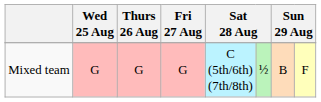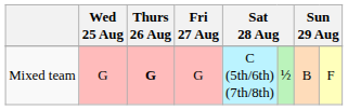 <table class="wikitable" style="margin:0.5em auto; font-size:90%; line-height:1.25em;">
 <tr align="center">
 <th></th>
 <th>Wed<br>25 Aug</th>
 <th>Thurs<br>26 Aug</th>
 <th>Fri<br>27 Aug</th>
 <th colspan=2>Sat<br>28 Aug</th>
 <th colspan=2>Sun<br>29 Aug</th>
 </tr>
 <tr>
 </tr>
 <tr align="center">
 <td align="left">Mixed team</td>
 <td bgcolor="#FFBBBB">G</td>
-<td bgcolor="#FFBBBB">G</td>
+<td bgcolor="#FFBBBB"><strong>G</strong></td>
 <td bgcolor="#FFBBBB">G</td>
 <td bgcolor="#BBF3FF">C<br>(5th/6th)<br>(7th/8th)</td>
 <td bgcolor="#BBF3BB">½</td>
 <td bgcolor="#FEDCBA">B</td>
 <td bgcolor="#FFFFBB">F</td>
 </tr>
 </table>
